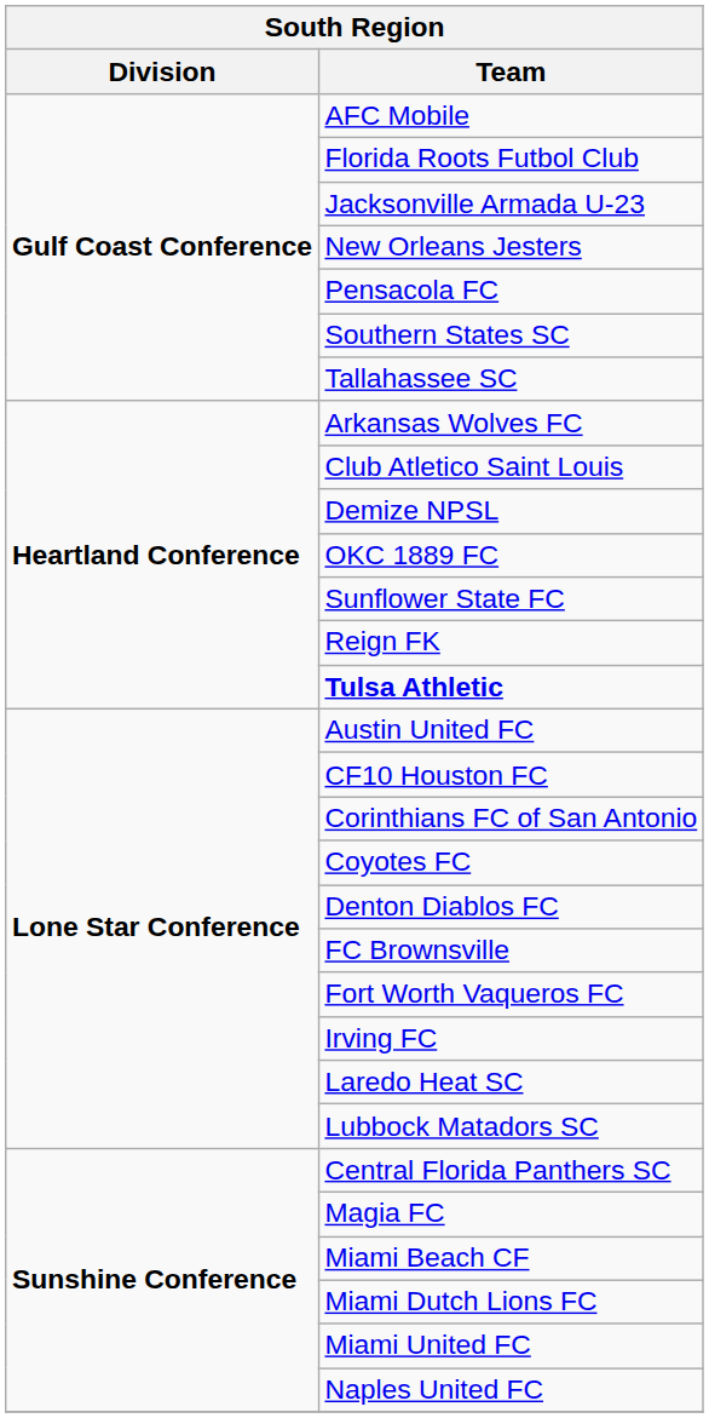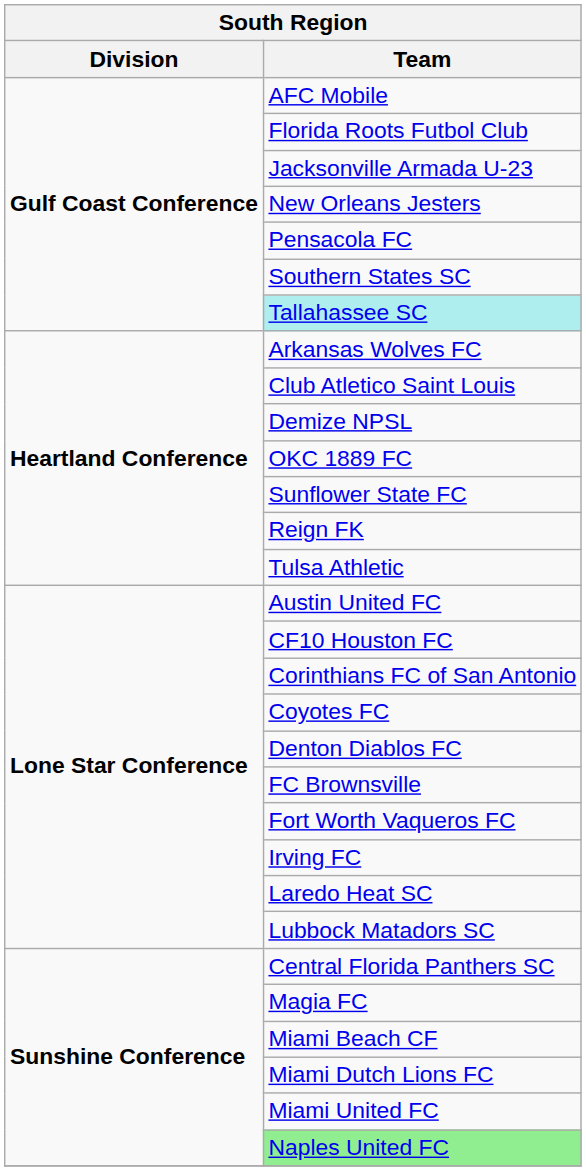 <table class="wikitable" style="text-align:left">
 <tr>
 <th colspan=3>South Region</th>
 </tr>
 <tr>
 <th>Division</th>
 <th>Team</th>
 </tr>
 <tr>
 <td rowspan=7><strong>Gulf Coast Conference</strong></td>
 <td><a href='#'>AFC Mobile</a></td>
 </tr>
 <tr>
 <td><a href='#'>Florida Roots Futbol Club</a></td>
 </tr>
 <tr>
 <td><a href='#'>Jacksonville Armada U-23</a></td>
 </tr>
 <tr>
 <td><a href='#'>New Orleans Jesters</a></td>
 </tr>
 <tr>
 <td><a href='#'>Pensacola FC</a></td>
 </tr>
 <tr>
 <td><a href='#'>Southern States SC</a></td>
 </tr>
 <tr>
-<td><a href='#'>Tallahassee SC</a></td>
+<td style="background: paleturquoise;"><a href='#'>Tallahassee SC</a></td>
 </tr>
 <tr>
 <td rowspan=7><strong>Heartland Conference</strong></td>
 <td><a href='#'>Arkansas Wolves FC</a></td>
 </tr>
 <tr>
 <td><a href='#'>Club Atletico Saint Louis</a></td>
 </tr>
 <tr>
 <td><a href='#'>Demize NPSL</a></td>
 </tr>
 <tr>
 <td><a href='#'>OKC 1889 FC</a></td>
 </tr>
 <tr>
 <td><a href='#'>Sunflower State FC</a></td>
 </tr>
 <tr>
 <td><a href='#'>Reign FK</a></td>
 </tr>
 <tr>
-<td><strong><a href='#'>Tulsa Athletic</a></strong></td>
+<td><a href='#'>Tulsa Athletic</a></td>
 </tr>
 <tr>
 <td rowspan=10><strong>Lone Star Conference</strong></td>
 <td><a href='#'>Austin United FC</a></td>
 </tr>
 <tr>
 <td><a href='#'>CF10 Houston FC</a></td>
 </tr>
 <tr>
 <td><a href='#'>Corinthians FC of San Antonio</a></td>
 </tr>
 <tr>
 <td><a href='#'>Coyotes FC</a></td>
 </tr>
 <tr>
 <td><a href='#'>Denton Diablos FC</a></td>
 </tr>
 <tr>
 <td><a href='#'>FC Brownsville</a></td>
 </tr>
 <tr>
 <td><a href='#'>Fort Worth Vaqueros FC</a></td>
 </tr>
 <tr>
 <td><a href='#'>Irving FC</a></td>
 </tr>
 <tr>
 <td><a href='#'>Laredo Heat SC</a></td>
 </tr>
 <tr>
 <td><a href='#'>Lubbock Matadors SC</a></td>
 </tr>
 <tr>
 <td rowspan=6><strong>Sunshine Conference</strong></td>
 <td><a href='#'>Central Florida Panthers SC</a></td>
 </tr>
 <tr>
 <td><a href='#'>Magia FC</a></td>
 </tr>
 <tr>
 <td><a href='#'>Miami Beach CF</a></td>
 </tr>
 <tr>
 <td><a href='#'>Miami Dutch Lions FC</a></td>
 </tr>
 <tr>
 <td><a href='#'>Miami United FC</a></td>
 </tr>
 <tr>
-<td><a href='#'>Naples United FC</a></td>
+<td style="background: lightgreen;"><a href='#'>Naples United FC</a></td>
 </tr>
 <tr>
 </tr>
 </table>
